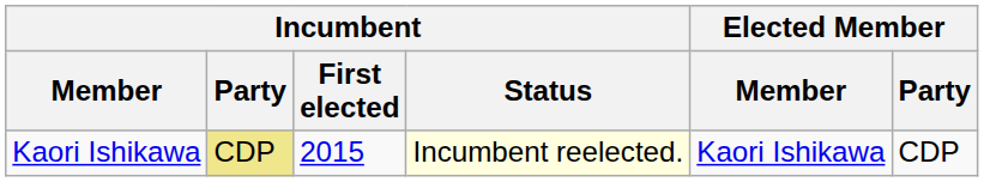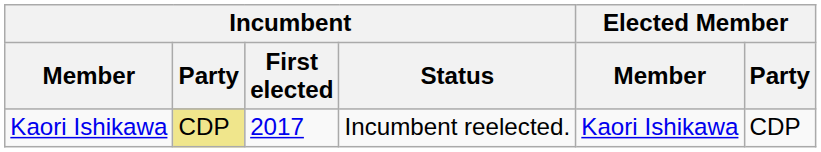 <table class="wikitable sortable">
 <tr>
 <th colspan=4>Incumbent</th>
 <th colspan=2>Elected Member</th>
 </tr>
 <tr>
 <th>Member</th>
 <th>Party</th>
 <th>First<br>elected</th>
 <th>Status</th>
 <th>Member</th>
 <th>Party</th>
 </tr>
 <tr>
 <td><a href='#'>Kaori Ishikawa</a></td>
 <td style="background: khaki;">CDP</td>
-<td><a href='#'>2015</a></td>
-<td style="background: lightyellow;">Incumbent reelected.</td>
+<td><a href='#'>2017</a></td>
+<td>Incumbent reelected.</td>
 <td><a href='#'>Kaori Ishikawa</a></td>
 <td>CDP</td>
 </tr>
 </table>
